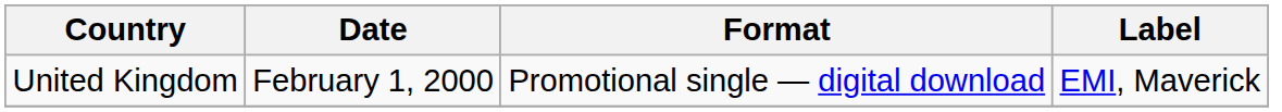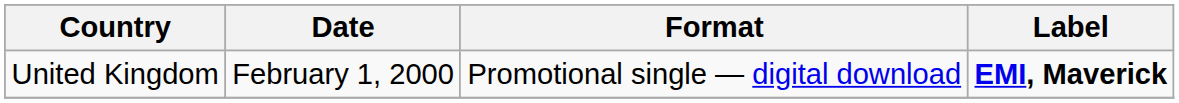 <table class="wikitable plainrowheaders">
 <tr>
 <th scope="col">Country</th>
 <th scope="col">Date</th>
 <th scope="col">Format</th>
 <th scope="col">Label</th>
 </tr>
 <tr>
 <td>United Kingdom</td>
 <td>February 1, 2000</td>
 <td>Promotional single — <a href='#'>digital download</a></td>
-<td><a href='#'>EMI</a>, Maverick</td>
+<td><strong><a href='#'>EMI</a>, Maverick</strong></td>
 </tr>
 <tr>
 </tr>
 </table>
